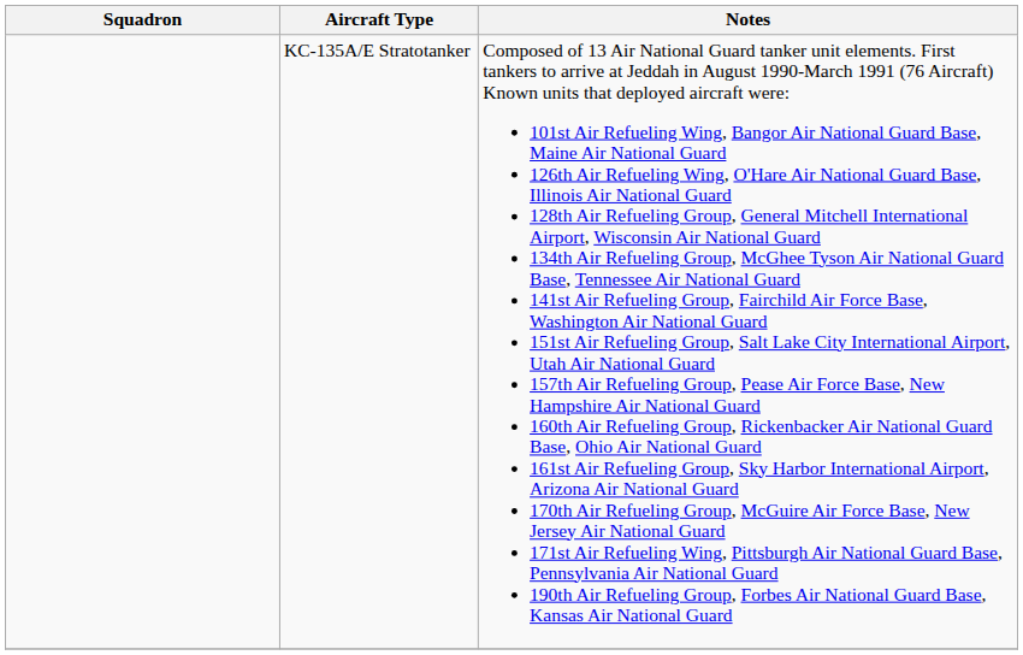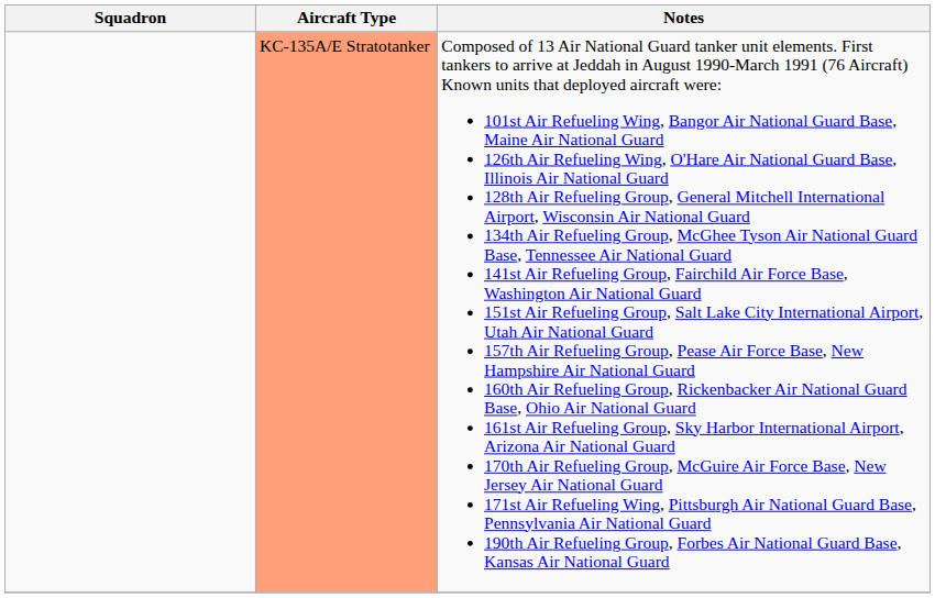 <table class="wikitable">
 <tr>
 <th scope="col" width="250">Squadron</th>
 <th scope="col" width="175">Aircraft Type</th>
 <th scope="col" width="500">Notes</th>
 </tr>
 <tr valign="top">
 <td></td>
-<td>KC-135A/E Stratotanker</td>
+<td style="background: lightsalmon;">KC-135A/E Stratotanker</td>
 <td>Composed of 13 Air National Guard tanker unit elements. First tankers to arrive at Jeddah in August 1990-March 1991 (76 Aircraft)<br> Known units that deployed aircraft were:<br><ul><li><a href='#'>101st Air Refueling Wing</a>, <a href='#'>Bangor Air National Guard Base</a>, <a href='#'>Maine Air National Guard</a></li><li><a href='#'>126th Air Refueling Wing</a>, <a href='#'>O'Hare Air National Guard Base</a>, <a href='#'>Illinois Air National Guard</a></li><li><a href='#'>128th Air Refueling Group</a>, <a href='#'>General Mitchell International Airport</a>, <a href='#'>Wisconsin Air National Guard</a></li><li><a href='#'>134th Air Refueling Group</a>, <a href='#'>McGhee Tyson Air National Guard Base</a>, <a href='#'>Tennessee Air National Guard</a></li><li><a href='#'>141st Air Refueling Group</a>, <a href='#'>Fairchild Air Force Base</a>, <a href='#'>Washington Air National Guard</a></li><li><a href='#'>151st Air Refueling Group</a>, <a href='#'>Salt Lake City International Airport</a>, <a href='#'>Utah Air National Guard</a></li><li><a href='#'>157th Air Refueling Group</a>, <a href='#'>Pease Air Force Base</a>, <a href='#'>New Hampshire Air National Guard</a></li><li><a href='#'>160th Air Refueling Group</a>, <a href='#'>Rickenbacker Air National Guard Base</a>, <a href='#'>Ohio Air National Guard</a></li><li><a href='#'>161st Air Refueling Group</a>, <a href='#'>Sky Harbor International Airport</a>, <a href='#'>Arizona Air National Guard</a></li><li><a href='#'>170th Air Refueling Group</a>, <a href='#'>McGuire Air Force Base</a>, <a href='#'>New Jersey Air National Guard</a></li><li><a href='#'>171st Air Refueling Wing</a>, <a href='#'>Pittsburgh Air National Guard Base</a>, <a href='#'>Pennsylvania Air National Guard</a></li><li><a href='#'>190th Air Refueling Group</a>, <a href='#'>Forbes Air National Guard Base</a>, <a href='#'>Kansas Air National Guard</a></li></ul></td>
 </tr>
 <tr>
 </tr>
 <tr>
 </tr>
 </table>
